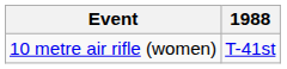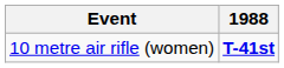 <table class="wikitable" style="text-align: center">
 <tr>
 <th>Event</th>
 <th>1988</th>
 </tr>
 <tr>
 <td align=left><a href='#'>10 metre air rifle</a> (women)</td>
-<td><a href='#'>T-41st</a></td>
+<td><strong><a href='#'>T-41st</a></strong></td>
 </tr>
 </table>
